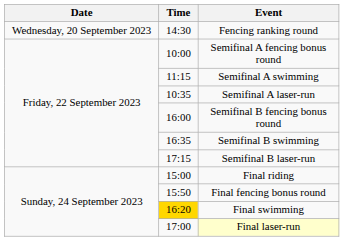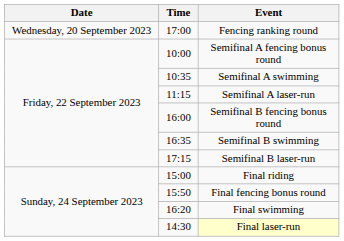 <table class = "wikitable" style="text-align:center;">
 <tr>
 <th width=220>Date</th>
 <th width=50>Time</th>
 <th width=200>Event</th>
 </tr>
 <tr>
 <td>Wednesday, 20 September 2023</td>
-<td>14:30</td>
+<td>17:00</td>
 <td>Fencing ranking round</td>
 </tr>
 <tr>
 <td rowspan=6>Friday, 22 September 2023</td>
 <td>10:00</td>
 <td>Semifinal A fencing bonus round</td>
 </tr>
 <tr>
-<td>11:15</td>
+<td>10:35</td>
 <td>Semifinal A swimming</td>
 </tr>
 <tr>
-<td>10:35</td>
+<td>11:15</td>
 <td>Semifinal A laser-run</td>
 </tr>
 <tr>
 <td>16:00</td>
 <td>Semifinal B fencing bonus round</td>
 </tr>
 <tr>
 <td>16:35</td>
 <td>Semifinal B swimming</td>
 </tr>
 <tr>
 <td>17:15</td>
 <td>Semifinal B laser-run</td>
 </tr>
 <tr>
 <td rowspan=4>Sunday, 24 September 2023</td>
 <td>15:00</td>
 <td>Final riding</td>
 </tr>
 <tr>
 <td>15:50</td>
 <td>Final fencing bonus round</td>
 </tr>
 <tr>
-<td style="background: gold;">16:20</td>
+<td>16:20</td>
 <td>Final swimming</td>
 </tr>
 <tr>
-<td>17:00</td>
+<td>14:30</td>
 <td bgcolor=ffffcc>Final laser-run</td>
 </tr>
 </table>
